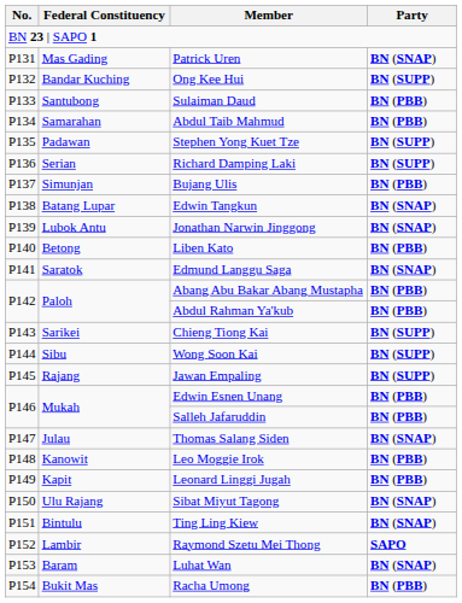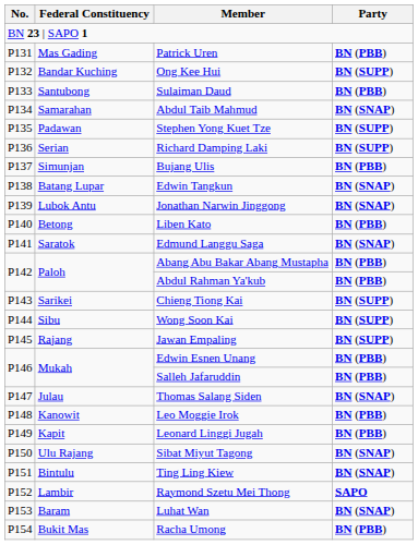 <table class="wikitable sortable">
 <tr>
 <th style="width:30px;">No.</th>
 <th style="width:150px;">Federal Constituency</th>
 <th style="width:230px;">Member</th>
 <th style="width:100px;">Party</th>
 </tr>
 <tr>
 <td colspan="4"><a href='#'>BN</a> <strong>23</strong> | <a href='#'>SAPO</a> <strong>1</strong></td>
 </tr>
 <tr>
 <td>P131</td>
 <td><a href='#'>Mas Gading</a></td>
 <td><a href='#'>Patrick Uren</a></td>
-<td><strong><a href='#'>BN</a></strong> (<strong><a href='#'>SNAP</a></strong>)</td>
+<td><strong><a href='#'>BN</a></strong> (<strong><a href='#'>PBB</a></strong>)</td>
 </tr>
 <tr>
 <td>P132</td>
 <td><a href='#'>Bandar Kuching</a></td>
 <td><a href='#'>Ong Kee Hui</a></td>
 <td><strong><a href='#'>BN</a></strong> (<strong><a href='#'>SUPP</a></strong>)</td>
 </tr>
 <tr>
 <td>P133</td>
 <td><a href='#'>Santubong</a></td>
 <td><a href='#'>Sulaiman Daud</a></td>
 <td><strong><a href='#'>BN</a></strong> (<strong><a href='#'>PBB</a></strong>)</td>
 </tr>
 <tr>
 <td>P134</td>
 <td><a href='#'>Samarahan</a></td>
 <td><a href='#'>Abdul Taib Mahmud</a></td>
-<td><strong><a href='#'>BN</a></strong> (<strong><a href='#'>PBB</a></strong>)</td>
+<td><strong><a href='#'>BN</a></strong> (<strong><a href='#'>SNAP</a></strong>)</td>
 </tr>
 <tr>
 <td>P135</td>
 <td><a href='#'>Padawan</a></td>
 <td><a href='#'>Stephen Yong Kuet Tze</a></td>
 <td><strong><a href='#'>BN</a></strong> (<strong><a href='#'>SUPP</a></strong>)</td>
 </tr>
 <tr>
 <td>P136</td>
 <td><a href='#'>Serian</a></td>
 <td><a href='#'>Richard Damping Laki</a></td>
 <td><strong><a href='#'>BN</a></strong> (<strong><a href='#'>SUPP</a></strong>)</td>
 </tr>
 <tr>
 <td>P137</td>
 <td><a href='#'>Simunjan</a></td>
 <td><a href='#'>Bujang Ulis</a></td>
 <td><strong><a href='#'>BN</a></strong> (<strong><a href='#'>PBB</a></strong>)</td>
 </tr>
 <tr>
 <td>P138</td>
 <td><a href='#'>Batang Lupar</a></td>
 <td><a href='#'>Edwin Tangkun</a></td>
 <td><strong><a href='#'>BN</a></strong> (<strong><a href='#'>SNAP</a></strong>)</td>
 </tr>
 <tr>
 <td>P139</td>
 <td><a href='#'>Lubok Antu</a></td>
 <td><a href='#'>Jonathan Narwin Jinggong</a></td>
 <td><strong><a href='#'>BN</a></strong> (<strong><a href='#'>SNAP</a></strong>)</td>
 </tr>
 <tr>
 <td>P140</td>
 <td><a href='#'>Betong</a></td>
 <td><a href='#'>Liben Kato</a></td>
 <td><strong><a href='#'>BN</a></strong> (<strong><a href='#'>PBB</a></strong>)</td>
 </tr>
 <tr>
 <td>P141</td>
 <td><a href='#'>Saratok</a></td>
 <td><a href='#'>Edmund Langgu Saga</a></td>
 <td><strong><a href='#'>BN</a></strong> (<strong><a href='#'>SNAP</a></strong>)</td>
 </tr>
 <tr>
 <td rowspan=2>P142</td>
 <td rowspan=2><a href='#'>Paloh</a></td>
 <td><a href='#'>Abang Abu Bakar Abang Mustapha</a> </td>
 <td><strong><a href='#'>BN</a></strong> (<strong><a href='#'>PBB</a></strong>)</td>
 </tr>
 <tr>
 <td><a href='#'>Abdul Rahman Ya'kub</a> </td>
 <td><strong><a href='#'>BN</a></strong> (<strong><a href='#'>PBB</a></strong>)</td>
 </tr>
 <tr>
 <td>P143</td>
 <td><a href='#'>Sarikei</a></td>
 <td><a href='#'>Chieng Tiong Kai</a></td>
 <td><strong><a href='#'>BN</a></strong> (<strong><a href='#'>SUPP</a></strong>)</td>
 </tr>
 <tr>
 <td>P144</td>
 <td><a href='#'>Sibu</a></td>
 <td><a href='#'>Wong Soon Kai</a></td>
 <td><strong><a href='#'>BN</a></strong> (<strong><a href='#'>SUPP</a></strong>)</td>
 </tr>
 <tr>
 <td>P145</td>
 <td><a href='#'>Rajang</a></td>
 <td><a href='#'>Jawan Empaling</a></td>
 <td><strong><a href='#'>BN</a></strong> (<strong><a href='#'>SUPP</a></strong>)</td>
 </tr>
 <tr>
 <td rowspan=2>P146</td>
 <td rowspan=2><a href='#'>Mukah</a></td>
 <td><a href='#'>Edwin Esnen Unang</a> </td>
 <td><strong><a href='#'>BN</a></strong> (<strong><a href='#'>PBB</a></strong>)</td>
 </tr>
 <tr>
 <td><a href='#'>Salleh Jafaruddin</a> </td>
 <td><strong><a href='#'>BN</a></strong> (<strong><a href='#'>PBB</a></strong>)</td>
 </tr>
 <tr>
 <td>P147</td>
 <td><a href='#'>Julau</a></td>
 <td><a href='#'>Thomas Salang Siden</a></td>
 <td><strong><a href='#'>BN</a></strong> (<strong><a href='#'>SNAP</a></strong>)</td>
 </tr>
 <tr>
 <td>P148</td>
 <td><a href='#'>Kanowit</a></td>
 <td><a href='#'>Leo Moggie Irok</a></td>
 <td><strong><a href='#'>BN</a></strong> (<strong><a href='#'>PBB</a></strong>)</td>
 </tr>
 <tr>
 <td>P149</td>
 <td><a href='#'>Kapit</a></td>
 <td><a href='#'>Leonard Linggi Jugah</a></td>
 <td><strong><a href='#'>BN</a></strong> (<strong><a href='#'>PBB</a></strong>)</td>
 </tr>
 <tr>
 <td>P150</td>
 <td><a href='#'>Ulu Rajang</a></td>
 <td><a href='#'>Sibat Miyut Tagong</a></td>
 <td><strong><a href='#'>BN</a></strong> (<strong><a href='#'>SNAP</a></strong>)</td>
 </tr>
 <tr>
 <td>P151</td>
 <td><a href='#'>Bintulu</a></td>
 <td><a href='#'>Ting Ling Kiew</a></td>
 <td><strong><a href='#'>BN</a></strong> (<strong><a href='#'>SNAP</a></strong>)</td>
 </tr>
 <tr>
 <td>P152</td>
 <td><a href='#'>Lambir</a></td>
 <td><a href='#'>Raymond Szetu Mei Thong</a></td>
 <td><strong><a href='#'>SAPO</a></strong></td>
 </tr>
 <tr>
 <td>P153</td>
 <td><a href='#'>Baram</a></td>
 <td><a href='#'>Luhat Wan</a></td>
 <td><strong><a href='#'>BN</a></strong> (<strong><a href='#'>SNAP</a></strong>)</td>
 </tr>
 <tr>
 <td>P154</td>
 <td><a href='#'>Bukit Mas</a></td>
 <td><a href='#'>Racha Umong</a></td>
 <td><strong><a href='#'>BN</a></strong> (<strong><a href='#'>PBB</a></strong>)</td>
 </tr>
 </table>
